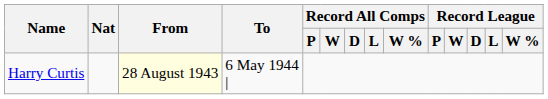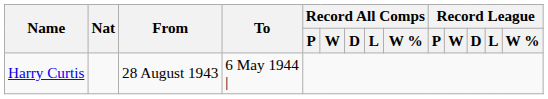 <table style="text-align: center" class="wikitable">
 <tr>
 <th rowspan="2">Name</th>
 <th rowspan="2">Nat</th>
 <th rowspan="2">From</th>
 <th rowspan="2">To</th>
 <th colspan="5">Record All Comps</th>
 <th colspan="5">Record League</th>
 </tr>
 <tr>
 <th>P</th>
 <th>W</th>
 <th>D</th>
 <th>L</th>
 <th>W %</th>
 <th>P</th>
 <th>W</th>
 <th>D</th>
 <th>L</th>
 <th>W %</th>
 </tr>
 <tr>
 <td style="text-align:left;"><a href='#'>Harry Curtis</a></td>
 <td></td>
-<td style="background: lightyellow; text-align:left;">28 August 1943</td>
+<td style="text-align:left;">28 August 1943</td>
 <td style="text-align:left;">6 May 1944<br>| </td>
 </tr>
 </table>
